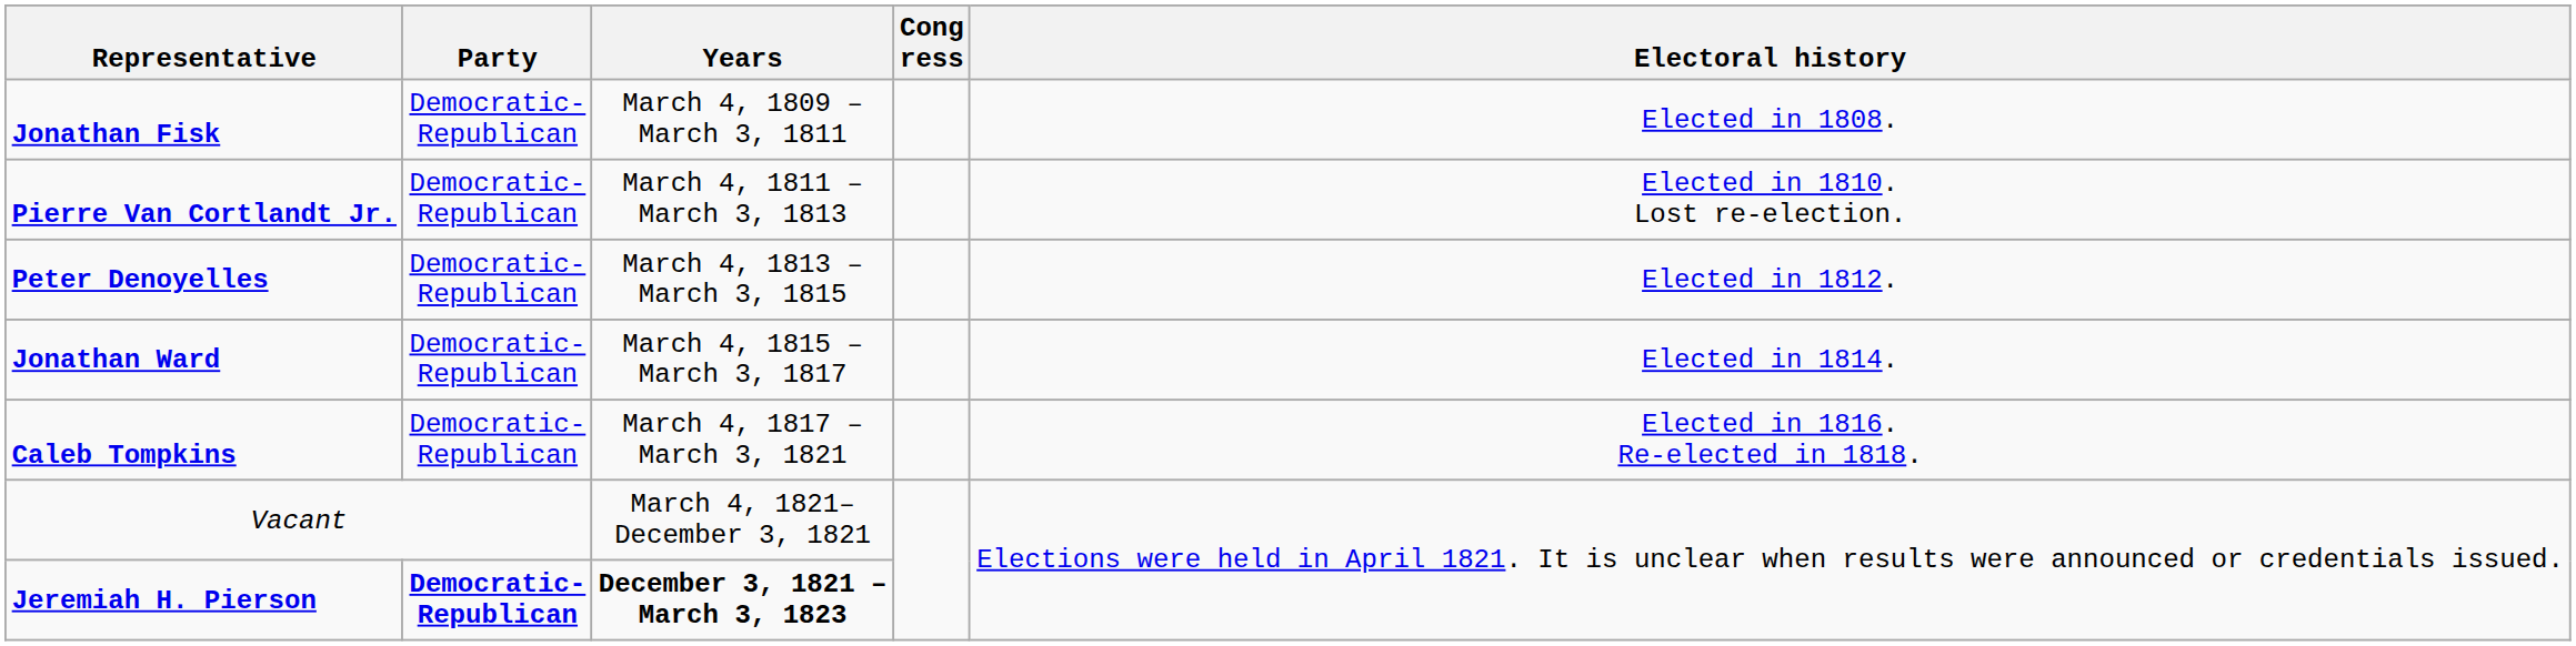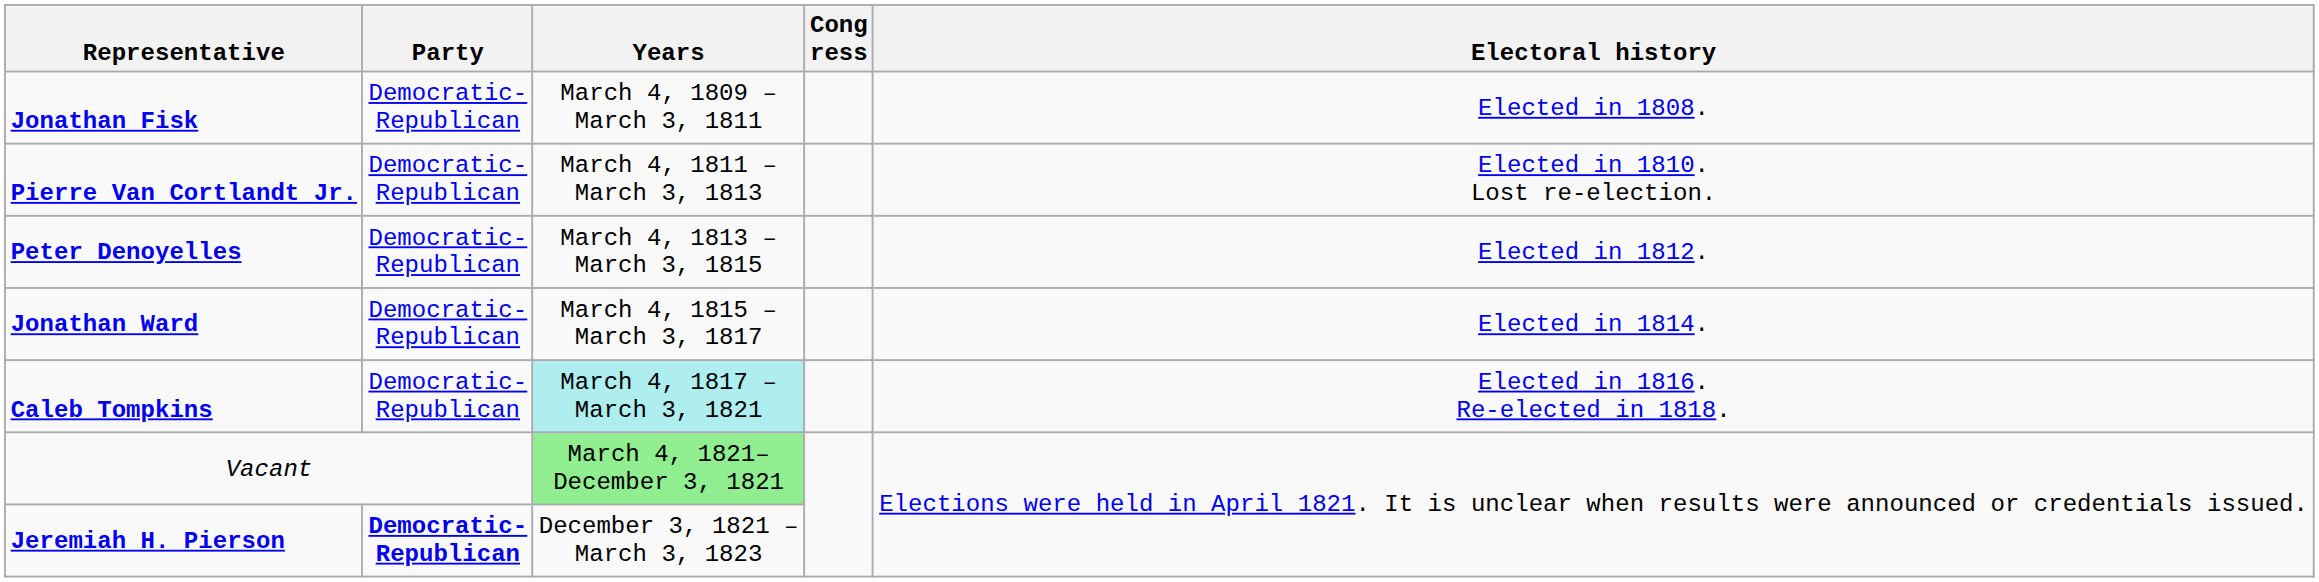 <table class=wikitable style="text-align:center">
 <tr valign=bottom>
 <th>Representative</th>
 <th>Party</th>
 <th>Years</th>
 <th>Cong<br>ress</th>
 <th>Electoral history</th>
 </tr>
 <tr style="height:3em">
 <td align=left><br><strong><a href='#'>Jonathan Fisk</a></strong><br></td>
 <td><a href='#'>Democratic-<br>Republican</a></td>
 <td nowrap>March 4, 1809 –<br>March 3, 1811</td>
 <td></td>
 <td><a href='#'>Elected in 1808</a>.<br></td>
 </tr>
 <tr style="height:3em">
 <td align=left><br><strong><a href='#'>Pierre Van Cortlandt Jr.</a></strong><br></td>
 <td><a href='#'>Democratic-<br>Republican</a></td>
 <td nowrap>March 4, 1811 –<br>March 3, 1813</td>
 <td></td>
 <td><a href='#'>Elected in 1810</a>.<br>Lost re-election.</td>
 </tr>
 <tr style="height:3em">
 <td align=left><strong><a href='#'>Peter Denoyelles</a></strong><br></td>
 <td><a href='#'>Democratic-<br>Republican</a></td>
 <td nowrap>March 4, 1813 –<br>March 3, 1815</td>
 <td></td>
 <td><a href='#'>Elected in 1812</a>.<br></td>
 </tr>
 <tr style="height:3em">
 <td align=left><strong><a href='#'>Jonathan Ward</a></strong><br></td>
 <td><a href='#'>Democratic-<br>Republican</a></td>
 <td nowrap>March 4, 1815 –<br>March 3, 1817</td>
 <td></td>
 <td><a href='#'>Elected in 1814</a>.<br></td>
 </tr>
 <tr style="height:3em">
 <td align=left><br><strong><a href='#'>Caleb Tompkins</a></strong><br></td>
 <td><a href='#'>Democratic-<br>Republican</a></td>
-<td nowrap>March 4, 1817 –<br>March 3, 1821</td>
+<td nowrap style="background: paleturquoise;">March 4, 1817 –<br>March 3, 1821</td>
 <td></td>
 <td><a href='#'>Elected in 1816</a>.<br><a href='#'>Re-elected in 1818</a>.<br></td>
 </tr>
 <tr style="height:3em">
 <td colspan=2><em>Vacant</em></td>
-<td nowrap>March 4, 1821–<br>December 3, 1821</td>
+<td nowrap style="background: lightgreen;">March 4, 1821–<br>December 3, 1821</td>
 <td rowspan=2></td>
 <td rowspan=2><a href='#'>Elections were held in April 1821</a>. It is unclear when results were announced or credentials issued.</td>
 </tr>
 <tr style="height:3em">
 <td align=left><strong><a href='#'>Jeremiah H. Pierson</a></strong><br></td>
 <td><strong><a href='#'>Democratic-<br>Republican</a></strong></td>
-<td nowrap><strong>December 3, 1821 –<br>March 3, 1823</strong></td>
+<td nowrap>December 3, 1821 –<br>March 3, 1823</td>
 </tr>
 </table>
